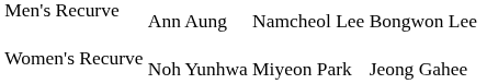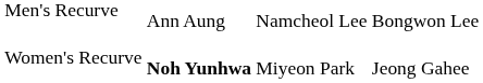 <table>
 <tr>
 <td>Men's Recurve</td>
 <td><br>Ann Aung</td>
 <td><br>Namcheol Lee</td>
 <td><br>Bongwon Lee</td>
 </tr>
 <tr>
 <td>Women's Recurve</td>
-<td><br>Noh Yunhwa</td>
+<td><strong><br>Noh Yunhwa</strong></td>
 <td><br>Miyeon Park</td>
 <td><br>Jeong Gahee</td>
 </tr>
 </table>
